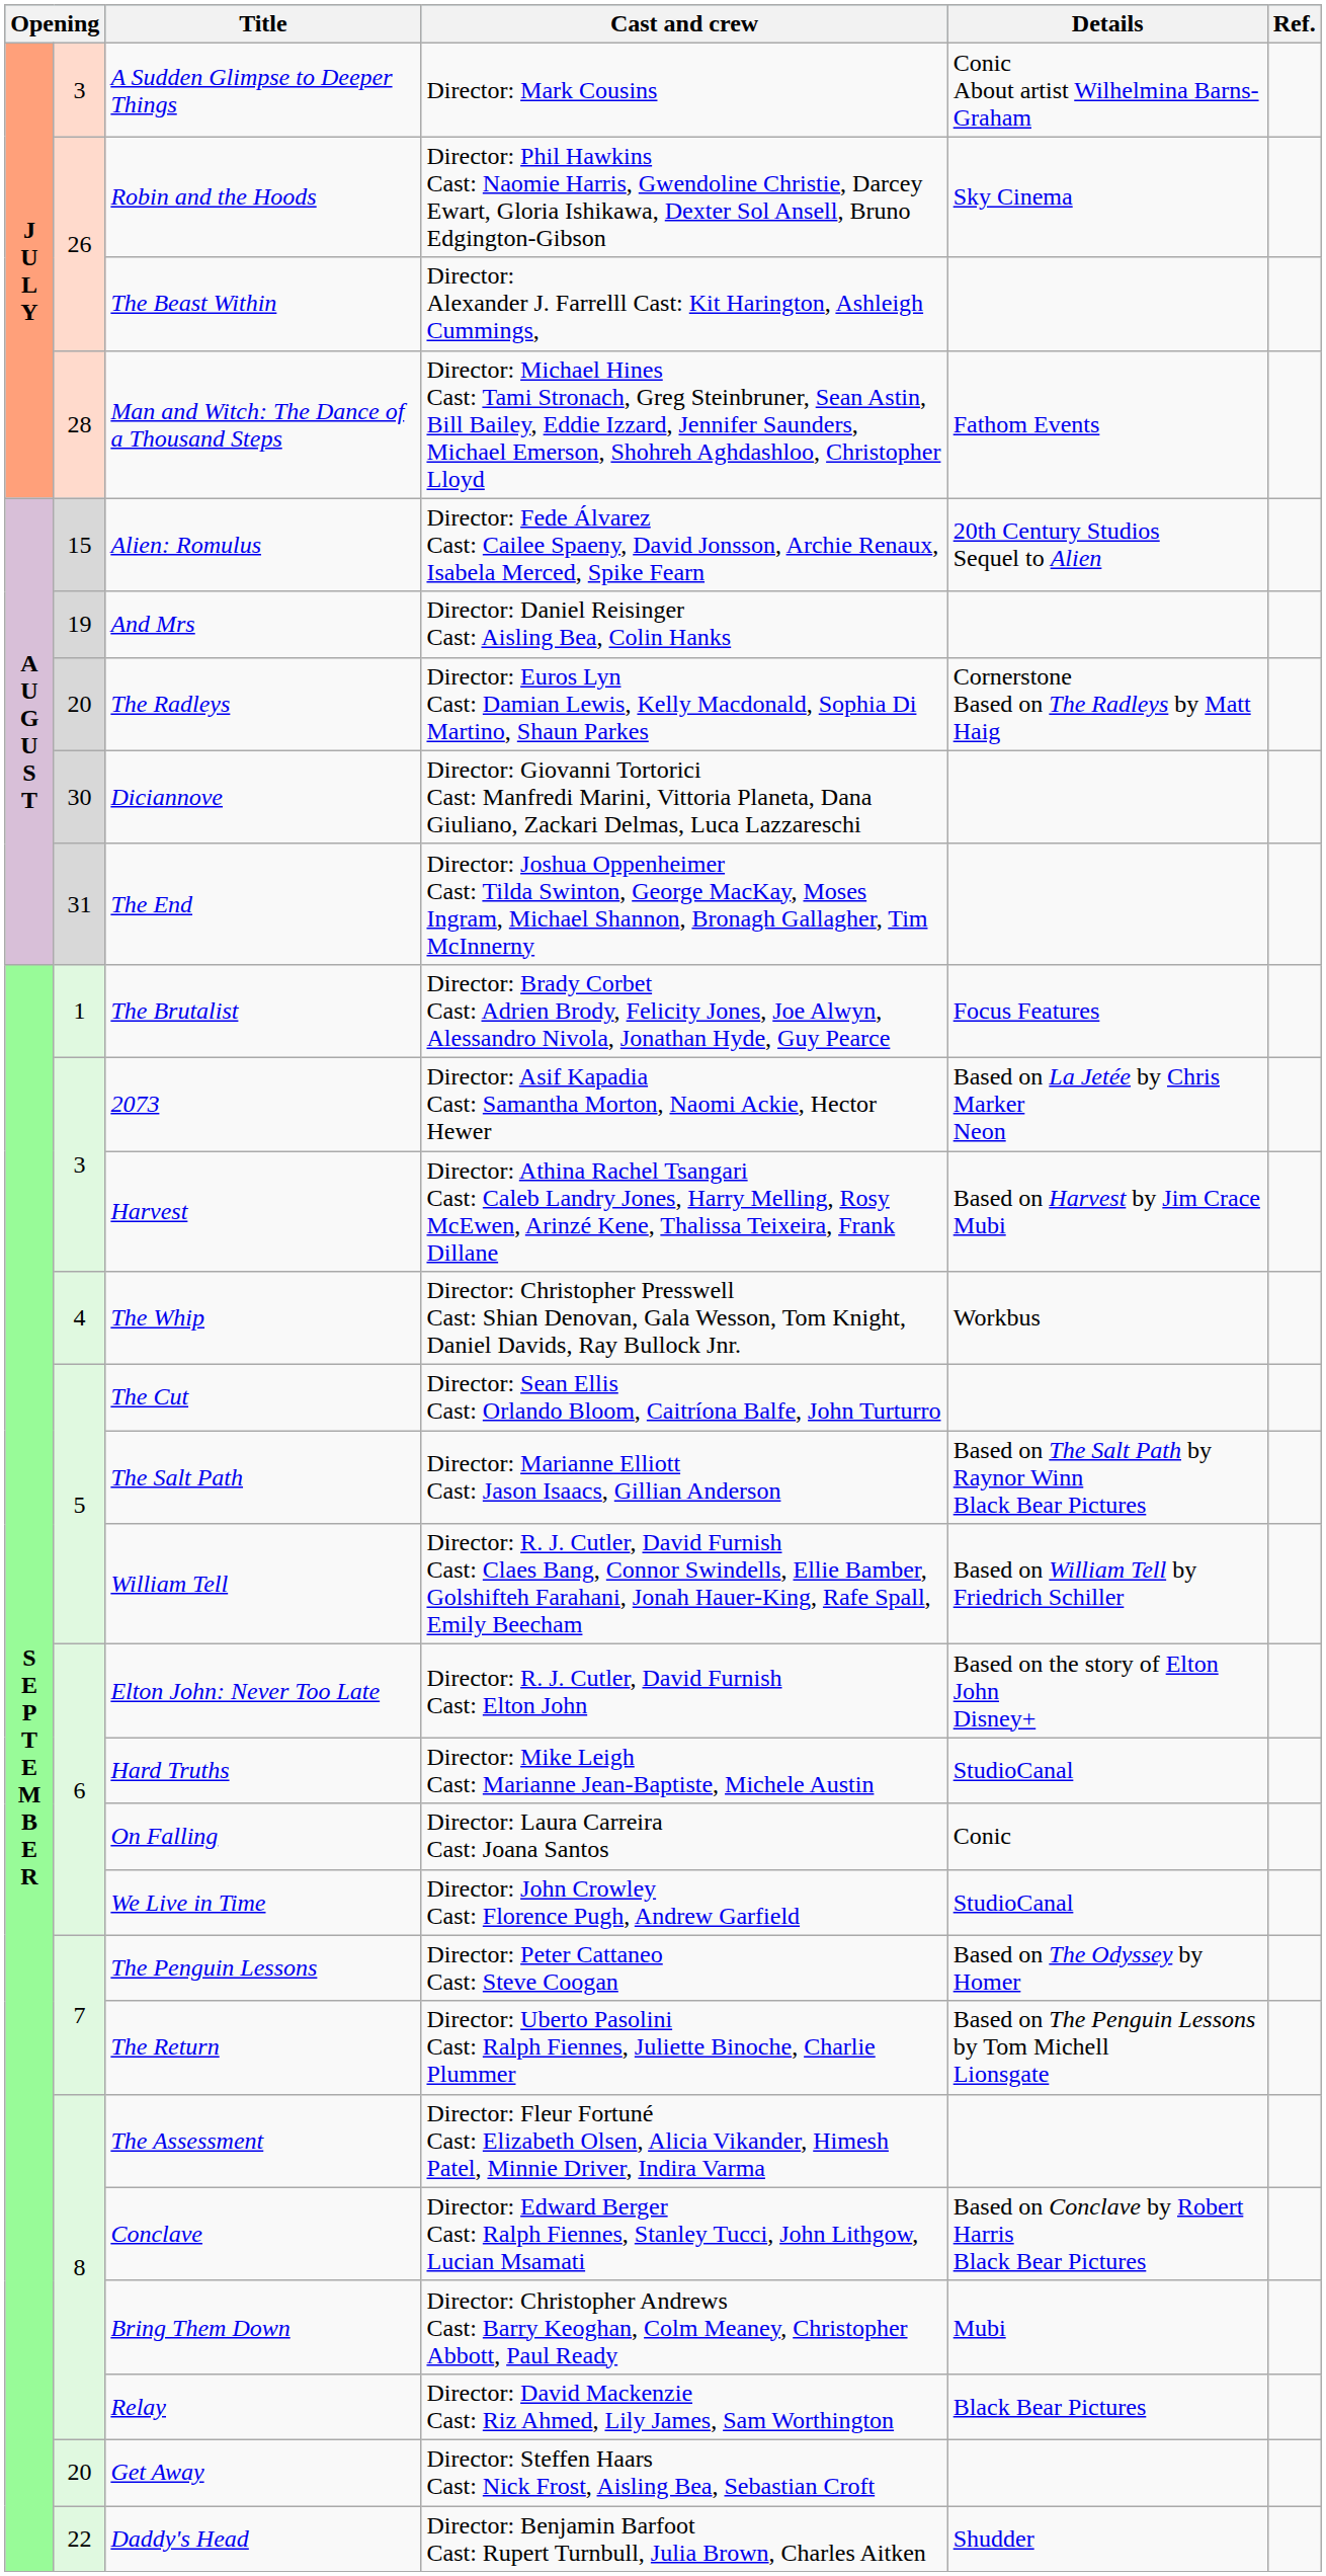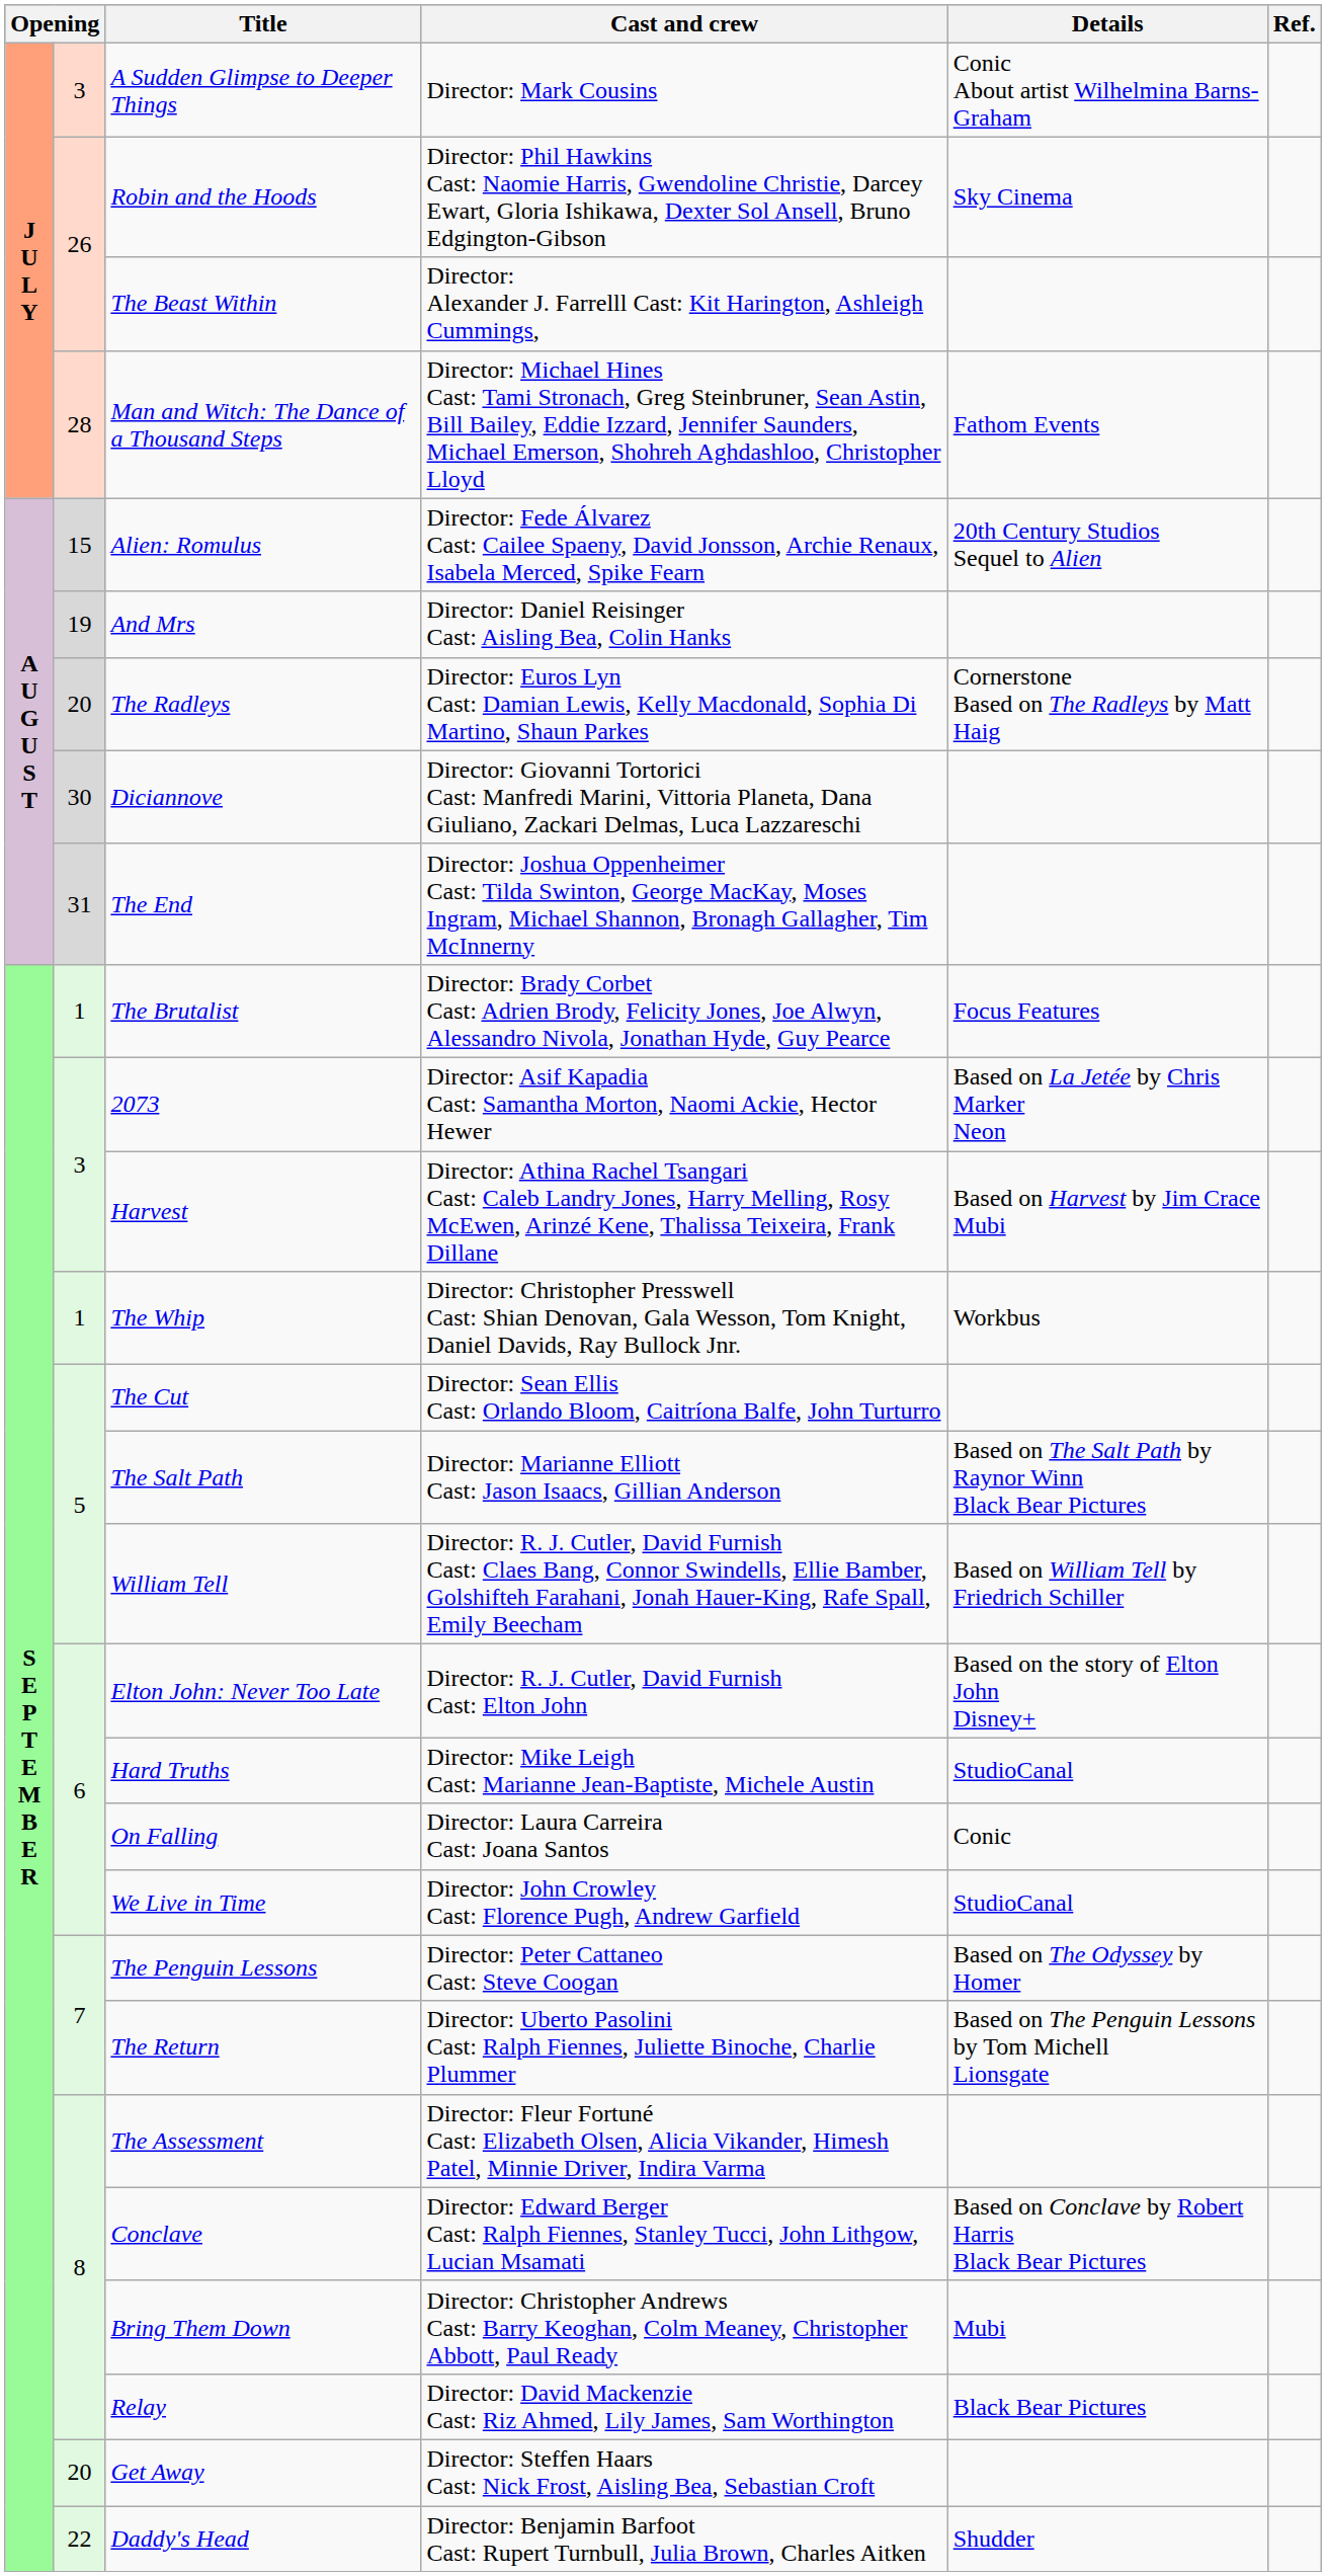 <table class="wikitable">
 <tr style="background:#b0e0e6; text-align:center;">
 <th colspan="2">Opening</th>
 <th style="width:24%;">Title</th>
 <th style="width:40%;">Cast and crew</th>
 <th>Details</th>
 <th style="width:2%;">Ref.</th>
 </tr>
 <tr>
 <th rowspan="4" style="text-align:center; background:#ffa07a; textcolor:#000;">J<br>U<br>L<br>Y</th>
 <td rowspan="1" style="text-align:center; background:#ffdacc;">3</td>
 <td><em><a href='#'>A Sudden Glimpse to Deeper Things</a></em></td>
 <td>Director: <a href='#'>Mark Cousins</a></td>
 <td>Conic <br> About artist <a href='#'>Wilhelmina Barns-Graham</a></td>
 <td></td>
 </tr>
 <tr>
 <td rowspan="2" style="text-align:center; background:#ffdacc;">26</td>
 <td><em><a href='#'>Robin and the Hoods</a></em></td>
 <td>Director: <a href='#'>Phil Hawkins</a> <br> Cast: <a href='#'>Naomie Harris</a>, <a href='#'>Gwendoline Christie</a>, Darcey Ewart, Gloria Ishikawa, <a href='#'>Dexter Sol Ansell</a>, Bruno Edgington-Gibson</td>
 <td><a href='#'>Sky Cinema</a></td>
 <td style="text-align:center"></td>
 </tr>
 <tr>
 <td><em><a href='#'>The Beast Within</a></em></td>
 <td>Director:<br>Alexander J. Farrelll Cast: <a href='#'>Kit Harington</a>, <a href='#'>Ashleigh Cummings</a>,</td>
 <td></td>
 <td></td>
 </tr>
 <tr>
 <td rowspan="1" style="text-align:center; background:#ffdacc;">28</td>
 <td><em><a href='#'>Man and Witch: The Dance of a Thousand Steps</a></em></td>
 <td>Director: <a href='#'>Michael Hines</a> <br> Cast: <a href='#'>Tami Stronach</a>, Greg Steinbruner, <a href='#'>Sean Astin</a>, <a href='#'>Bill Bailey</a>, <a href='#'>Eddie Izzard</a>, <a href='#'>Jennifer Saunders</a>, <a href='#'>Michael Emerson</a>, <a href='#'>Shohreh Aghdashloo</a>, <a href='#'>Christopher Lloyd</a></td>
 <td><a href='#'>Fathom Events</a></td>
 <td style="text-align:center"></td>
 </tr>
 <tr>
 <th rowspan="5" style="text-align:center; background:thistle; textcolor:#000;">A<br>U<br>G<br>U<br>S<br>T</th>
 <td rowspan="1" style="text-align:center; background:#d8d8d8;">15</td>
 <td><em><a href='#'>Alien: Romulus</a></em></td>
 <td>Director: <a href='#'>Fede Álvarez</a> <br> Cast: <a href='#'>Cailee Spaeny</a>, <a href='#'>David Jonsson</a>, <a href='#'>Archie Renaux</a>, <a href='#'>Isabela Merced</a>, <a href='#'>Spike Fearn</a></td>
 <td><a href='#'>20th Century Studios</a> <br> Sequel to <em><a href='#'>Alien</a></em></td>
 <td style="text-align:center"></td>
 </tr>
 <tr>
 <td rowspan="1" style="text-align:center; background:#d8d8d8;">19</td>
 <td><em><a href='#'>And Mrs</a></em></td>
 <td>Director: Daniel Reisinger <br> Cast: <a href='#'>Aisling Bea</a>, <a href='#'>Colin Hanks</a></td>
 <td></td>
 <td style="text-align:center"></td>
 </tr>
 <tr>
 <td rowspan="1" style="text-align:center; background:#d8d8d8;">20</td>
 <td><em><a href='#'>The Radleys</a></em></td>
 <td>Director: <a href='#'>Euros Lyn</a> <br> Cast: <a href='#'>Damian Lewis</a>, <a href='#'>Kelly Macdonald</a>, <a href='#'>Sophia Di Martino</a>, <a href='#'>Shaun Parkes</a></td>
 <td>Cornerstone <br> Based on <em><a href='#'>The Radleys</a></em> by <a href='#'>Matt Haig</a></td>
 <td style="text-align:center"></td>
 </tr>
 <tr>
 <td rowspan="1" style="text-align:center; background:#d8d8d8;">30</td>
 <td><em><a href='#'>Diciannove</a></em></td>
 <td>Director: Giovanni Tortorici <br> Cast: Manfredi Marini, Vittoria Planeta, Dana Giuliano, Zackari Delmas, Luca Lazzareschi</td>
 <td></td>
 <td style="text-align:center"></td>
 </tr>
 <tr>
 <td rowspan="1" style="text-align:center; background:#d8d8d8;">31</td>
 <td><em><a href='#'>The End</a></em></td>
 <td>Director: <a href='#'>Joshua Oppenheimer</a> <br> Cast: <a href='#'>Tilda Swinton</a>, <a href='#'>George MacKay</a>, <a href='#'>Moses Ingram</a>, <a href='#'>Michael Shannon</a>, <a href='#'>Bronagh Gallagher</a>, <a href='#'>Tim McInnerny</a></td>
 <td></td>
 <td style="text-align:center"></td>
 </tr>
 <tr>
 <th rowspan="19" style="text-align:center; background:#98fb98; textcolor:#000;">S<br>E<br>P<br>T<br>E<br>M<br>B<br>E<br>R</th>
 <td rowspan="1" style="text-align:center; background:#e0f9e0;">1</td>
 <td><em><a href='#'>The Brutalist</a></em></td>
 <td>Director: <a href='#'>Brady Corbet</a> <br> Cast: <a href='#'>Adrien Brody</a>, <a href='#'>Felicity Jones</a>, <a href='#'>Joe Alwyn</a>, <a href='#'>Alessandro Nivola</a>, <a href='#'>Jonathan Hyde</a>, <a href='#'>Guy Pearce</a></td>
 <td><a href='#'>Focus Features</a></td>
 <td style="text-align:center"></td>
 </tr>
 <tr>
 <td rowspan="2" style="text-align:center; background:#e0f9e0;">3</td>
 <td><em><a href='#'>2073</a></em></td>
 <td>Director: <a href='#'>Asif Kapadia</a> <br> Cast: <a href='#'>Samantha Morton</a>, <a href='#'>Naomi Ackie</a>, Hector Hewer</td>
 <td>Based on <em><a href='#'>La Jetée</a></em> by <a href='#'>Chris Marker</a> <br> <a href='#'>Neon</a></td>
 <td style="text-align:center"></td>
 </tr>
 <tr>
 <td><em><a href='#'>Harvest</a></em></td>
 <td>Director: <a href='#'>Athina Rachel Tsangari</a> <br> Cast: <a href='#'>Caleb Landry Jones</a>, <a href='#'>Harry Melling</a>, <a href='#'>Rosy McEwen</a>, <a href='#'>Arinzé Kene</a>, <a href='#'>Thalissa Teixeira</a>, <a href='#'>Frank Dillane</a></td>
 <td>Based on <em><a href='#'>Harvest</a></em> by <a href='#'>Jim Crace</a> <br> <a href='#'>Mubi</a></td>
 <td style="text-align:center"></td>
 </tr>
 <tr>
-<td rowspan="1" style="text-align:center; background:#e0f9e0;">4</td>
+<td rowspan="1" style="text-align:center; background:#e0f9e0;">1</td>
 <td><em><a href='#'>The Whip</a></em></td>
 <td>Director: Christopher Presswell <br> Cast: Shian Denovan, Gala Wesson, Tom Knight, Daniel Davids, Ray Bullock Jnr.</td>
 <td>Workbus</td>
 <td></td>
 </tr>
 <tr>
 <td rowspan="3" style="text-align:center; background:#e0f9e0;">5</td>
 <td><em><a href='#'>The Cut</a></em></td>
 <td>Director: <a href='#'>Sean Ellis</a> <br> Cast: <a href='#'>Orlando Bloom</a>, <a href='#'>Caitríona Balfe</a>, <a href='#'>John Turturro</a></td>
 <td></td>
 <td style="text-align:center"></td>
 </tr>
 <tr>
 <td><em><a href='#'>The Salt Path</a></em></td>
 <td>Director: <a href='#'>Marianne Elliott</a> <br> Cast: <a href='#'>Jason Isaacs</a>, <a href='#'>Gillian Anderson</a></td>
 <td>Based on <em><a href='#'>The Salt Path</a></em> by <a href='#'>Raynor Winn</a> <br> <a href='#'>Black Bear Pictures</a></td>
 <td style="text-align:center"></td>
 </tr>
 <tr>
 <td><em><a href='#'>William Tell</a></em></td>
 <td>Director: <a href='#'>R. J. Cutler</a>, <a href='#'>David Furnish</a> <br> Cast: <a href='#'>Claes Bang</a>, <a href='#'>Connor Swindells</a>, <a href='#'>Ellie Bamber</a>, <a href='#'>Golshifteh Farahani</a>, <a href='#'>Jonah Hauer-King</a>, <a href='#'>Rafe Spall</a>, <a href='#'>Emily Beecham</a></td>
 <td>Based on <em><a href='#'>William Tell</a></em> by <a href='#'>Friedrich Schiller</a></td>
 <td style="text-align:center"></td>
 </tr>
 <tr>
 <td rowspan="4" style="text-align:center; background:#e0f9e0;">6</td>
 <td><em><a href='#'>Elton John: Never Too Late</a></em></td>
 <td>Director: <a href='#'>R. J. Cutler</a>, <a href='#'>David Furnish</a> <br> Cast: <a href='#'>Elton John</a></td>
 <td>Based on the story of <a href='#'>Elton John</a> <br> <a href='#'>Disney+</a></td>
 <td></td>
 </tr>
 <tr>
 <td><em><a href='#'>Hard Truths</a></em></td>
 <td>Director: <a href='#'>Mike Leigh</a> <br> Cast: <a href='#'>Marianne Jean-Baptiste</a>, <a href='#'>Michele Austin</a></td>
 <td><a href='#'>StudioCanal</a></td>
 <td style="text-align:center"></td>
 </tr>
 <tr>
 <td><em><a href='#'>On Falling</a></em></td>
 <td>Director: Laura Carreira <br> Cast: Joana Santos</td>
 <td>Conic</td>
 <td></td>
 </tr>
 <tr>
 <td><em><a href='#'>We Live in Time</a></em></td>
 <td>Director: <a href='#'>John Crowley</a> <br> Cast: <a href='#'>Florence Pugh</a>, <a href='#'>Andrew Garfield</a></td>
 <td><a href='#'>StudioCanal</a></td>
 <td style="text-align:center"></td>
 </tr>
 <tr>
 <td rowspan="2" style="text-align:center; background:#e0f9e0;">7</td>
 <td><em><a href='#'>The Penguin Lessons</a></em></td>
 <td>Director: <a href='#'>Peter Cattaneo</a> <br> Cast: <a href='#'>Steve Coogan</a></td>
 <td>Based on <em><a href='#'>The Odyssey</a></em> by <a href='#'>Homer</a></td>
 <td style="text-align:center"></td>
 </tr>
 <tr>
 <td><em><a href='#'>The Return</a></em></td>
 <td>Director: <a href='#'>Uberto Pasolini</a> <br> Cast: <a href='#'>Ralph Fiennes</a>, <a href='#'>Juliette Binoche</a>, <a href='#'>Charlie Plummer</a></td>
 <td>Based on <em>The Penguin Lessons</em> by Tom Michell <br> <a href='#'>Lionsgate</a></td>
 <td style="text-align:center"></td>
 </tr>
 <tr>
 <td rowspan="4" style="text-align:center; background:#e0f9e0;">8</td>
 <td><em><a href='#'>The Assessment</a></em></td>
 <td>Director: Fleur Fortuné <br> Cast: <a href='#'>Elizabeth Olsen</a>, <a href='#'>Alicia Vikander</a>, <a href='#'>Himesh Patel</a>, <a href='#'>Minnie Driver</a>, <a href='#'>Indira Varma</a></td>
 <td></td>
 <td style="text-align:center"></td>
 </tr>
 <tr>
 <td><em><a href='#'>Conclave</a></em></td>
 <td>Director: <a href='#'>Edward Berger</a> <br> Cast: <a href='#'>Ralph Fiennes</a>, <a href='#'>Stanley Tucci</a>, <a href='#'>John Lithgow</a>, <a href='#'>Lucian Msamati</a></td>
 <td>Based on <em>Conclave</em> by <a href='#'>Robert Harris</a> <br> <a href='#'>Black Bear Pictures</a></td>
 <td style="text-align:center"></td>
 </tr>
 <tr>
 <td><em><a href='#'>Bring Them Down</a></em></td>
 <td>Director: Christopher Andrews <br> Cast: <a href='#'>Barry Keoghan</a>, <a href='#'>Colm Meaney</a>, <a href='#'>Christopher Abbott</a>, <a href='#'>Paul Ready</a></td>
 <td><a href='#'>Mubi</a></td>
 <td style="text-align:center"></td>
 </tr>
 <tr>
 <td><em><a href='#'>Relay</a></em></td>
 <td>Director: <a href='#'>David Mackenzie</a> <br> Cast: <a href='#'>Riz Ahmed</a>, <a href='#'>Lily James</a>, <a href='#'>Sam Worthington</a></td>
 <td><a href='#'>Black Bear Pictures</a></td>
 <td style="text-align:center"></td>
 </tr>
 <tr>
 <td rowspan="1" style="text-align:center; background:#e0f9e0;">20</td>
 <td><em><a href='#'>Get Away</a></em></td>
 <td>Director: Steffen Haars <br> Cast: <a href='#'>Nick Frost</a>, <a href='#'>Aisling Bea</a>, <a href='#'>Sebastian Croft</a></td>
 <td></td>
 <td style="text-align:center"></td>
 </tr>
 <tr>
 <td rowspan="1" style="text-align:center; background:#e0f9e0;">22</td>
 <td><em><a href='#'>Daddy's Head</a></em></td>
 <td>Director: Benjamin Barfoot <br> Cast: Rupert Turnbull, <a href='#'>Julia Brown</a>, Charles Aitken</td>
 <td><a href='#'>Shudder</a></td>
 <td style="text-align:center"></td>
 </tr>
 <tr>
 </tr>
 </table>
